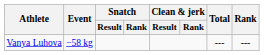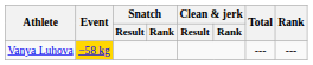 <table class="wikitable" style="font-size:90%">
 <tr>
 <th rowspan="2">Athlete</th>
 <th rowspan="2">Event</th>
 <th colspan="2">Snatch</th>
 <th colspan="2">Clean & jerk</th>
 <th rowspan="2">Total</th>
 <th rowspan="2">Rank</th>
 </tr>
 <tr style="font-size:95%">
 <th>Result</th>
 <th>Rank</th>
 <th>Result</th>
 <th>Rank</th>
 </tr>
 <tr align=center>
 <td align=left><a href='#'>Vanya Luhova</a></td>
-<td align=left><a href='#'>−58 kg</a></td>
+<td align=left style="background: gold;"><a href='#'>−58 kg</a></td>
 <td colspan=2></td>
 <td colspan=2></td>
 <td><em>---</em></td>
 <td><em>---</em></td>
 </tr>
 </table>
